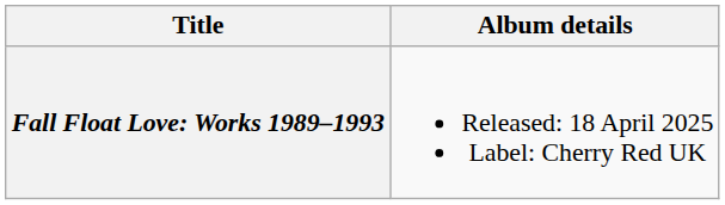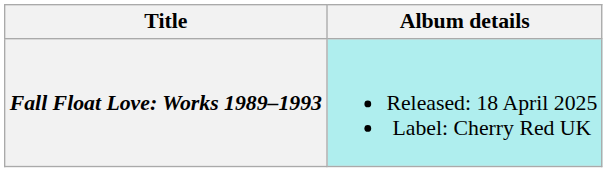 <table class="wikitable plainrowheaders" style="text-align:center;">
 <tr>
 <th scope="col">Title</th>
 <th scope="col">Album details</th>
 </tr>
 <tr>
 <th scope="row"><em>Fall Float Love: Works 1989–1993</em></th>
-<td><br><ul><li>Released: 18 April 2025</li><li>Label: Cherry Red UK</li></ul></td>
+<td style="background: paleturquoise;"><br><ul><li>Released: 18 April 2025</li><li>Label: Cherry Red UK</li></ul></td>
 </tr>
 </table>
